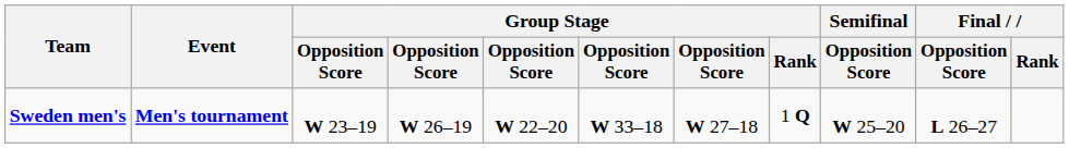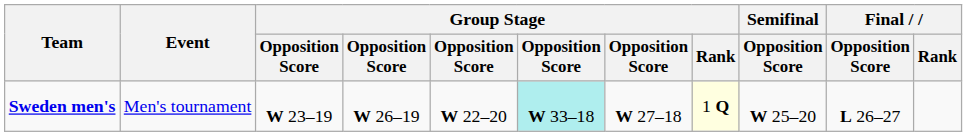 <table class="wikitable" style="font-size:90%">
 <tr>
 <th rowspan=2>Team</th>
 <th rowspan=2>Event</th>
 <th colspan=6>Group Stage</th>
 <th>Semifinal</th>
 <th colspan=2>Final /  / </th>
 </tr>
 <tr style="font-size:95%">
 <th>Opposition<br>Score</th>
 <th>Opposition<br>Score</th>
 <th>Opposition<br>Score</th>
 <th>Opposition<br>Score</th>
 <th>Opposition<br>Score</th>
 <th>Rank</th>
 <th>Opposition<br>Score</th>
 <th>Opposition<br>Score</th>
 <th>Rank</th>
 </tr>
 <tr align=center>
 <td align=left><strong><a href='#'>Sweden men's</a></strong></td>
-<td align=left><strong><a href='#'>Men's tournament</a></strong></td>
+<td align=left><a href='#'>Men's tournament</a></td>
 <td><br><strong>W</strong> 23–19</td>
 <td><br><strong>W</strong> 26–19</td>
 <td><br><strong>W</strong> 22–20</td>
-<td><br><strong>W</strong> 33–18</td>
+<td style="background: paleturquoise;"><br><strong>W</strong> 33–18</td>
 <td><br><strong>W</strong> 27–18</td>
-<td>1 <strong>Q</strong></td>
+<td style="background: lightyellow;">1 <strong>Q</strong></td>
 <td><br><strong>W</strong> 25–20</td>
 <td><br><strong>L</strong> 26–27</td>
 <td></td>
 </tr>
 </table>
